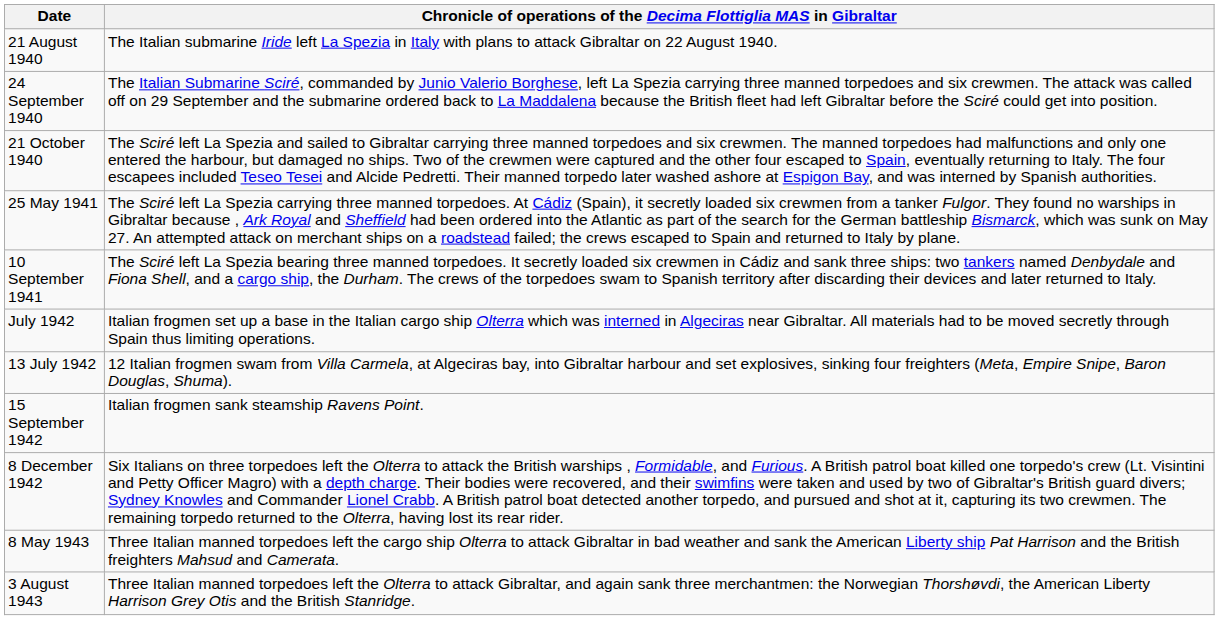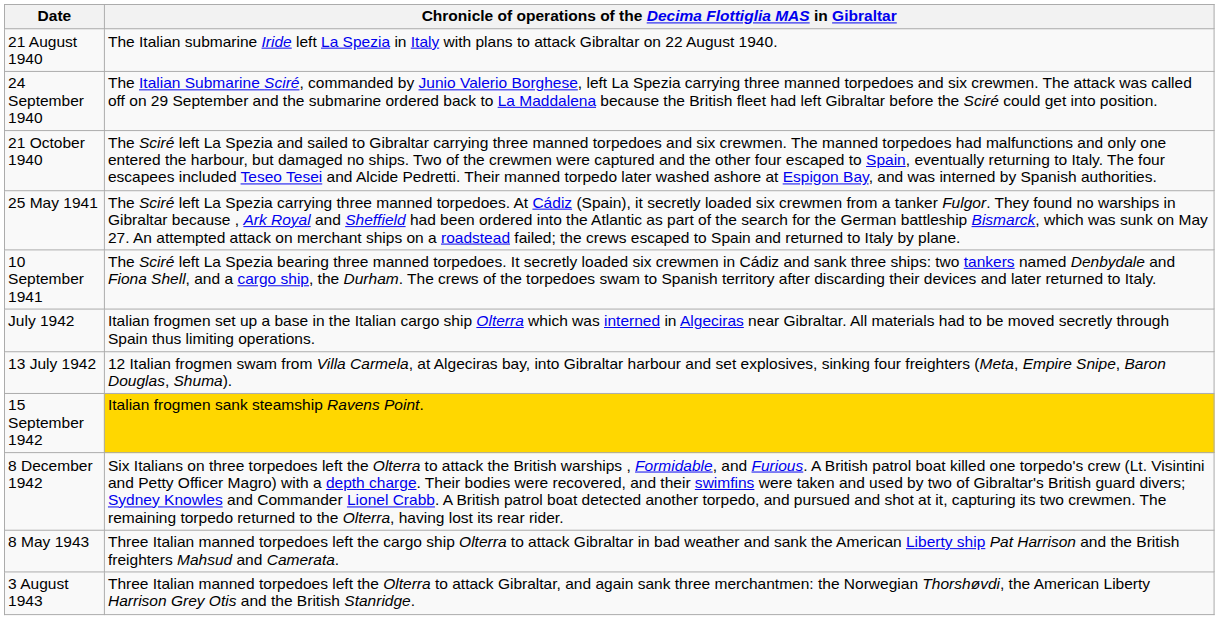 <table class="wikitable">
 <tr>
 <th>Date</th>
 <th>Chronicle of operations of the <em><a href='#'>Decima Flottiglia MAS</a></em> in <a href='#'>Gibraltar</a></th>
 </tr>
 <tr>
 <td valign="top" class="nowrap">21 August 1940</td>
 <td valign="top">The Italian submarine <em><a href='#'>Iride</a></em> left <a href='#'>La Spezia</a> in <a href='#'>Italy</a> with plans to attack Gibraltar on 22 August 1940.</td>
 </tr>
 <tr>
 <td valign="top" class="nowrap">24 September 1940</td>
 <td valign="top">The <a href='#'>Italian Submarine <em>Sciré</em></a>, commanded by <a href='#'>Junio Valerio Borghese</a>, left La Spezia carrying three manned torpedoes and six crewmen. The attack was called off on 29 September and the submarine ordered back to <a href='#'>La Maddalena</a> because the British fleet had left Gibraltar before the <em>Sciré</em> could get into position.</td>
 </tr>
 <tr>
 <td valign="top" class="nowrap">21 October 1940</td>
 <td valign="top">The <em>Sciré</em> left La Spezia and sailed to Gibraltar carrying three manned torpedoes and six crewmen. The manned torpedoes had malfunctions and only one entered the harbour, but damaged no ships. Two of the crewmen were captured and the other four escaped to <a href='#'>Spain</a>, eventually returning to Italy. The four escapees included <a href='#'>Teseo Tesei</a> and Alcide Pedretti. Their manned torpedo later washed ashore at <a href='#'>Espigon Bay</a>, and was interned by Spanish authorities.</td>
 </tr>
 <tr>
 <td valign="top" class="nowrap">25 May 1941</td>
 <td valign="top">The <em>Sciré</em> left La Spezia carrying three manned torpedoes. At <a href='#'>Cádiz</a> (Spain), it secretly loaded six crewmen from a tanker <em>Fulgor</em>. They found no warships in Gibraltar because , <a href='#'><em>Ark Royal</em></a> and <a href='#'><em>Sheffield</em></a> had been ordered into the Atlantic as part of the search for the German battleship <a href='#'><em>Bismarck</em></a>, which was sunk on May 27. An attempted attack on merchant ships on a <a href='#'>roadstead</a> failed; the crews escaped to Spain and returned to Italy by plane.</td>
 </tr>
 <tr>
 <td valign="top" class="nowrap">10 September 1941</td>
 <td valign="top">The <em>Sciré</em> left La Spezia bearing three manned torpedoes. It secretly loaded six crewmen in Cádiz and sank three ships: two <a href='#'>tankers</a> named <em>Denbydale</em> and <em>Fiona Shell</em>, and a <a href='#'>cargo ship</a>, the <em>Durham</em>. The crews of the torpedoes swam to Spanish territory after discarding their devices and later returned to Italy.</td>
 </tr>
 <tr>
 <td valign="top" class="nowrap">July 1942</td>
 <td valign="top">Italian frogmen set up a base in the Italian cargo ship <em><a href='#'>Olterra</a></em> which was <a href='#'>interned</a> in <a href='#'>Algeciras</a> near Gibraltar. All materials had to be moved secretly through Spain thus limiting operations.</td>
 </tr>
 <tr>
 <td valign="top" class="nowrap">13 July 1942</td>
 <td valign="top">12 Italian frogmen swam from <em>Villa Carmela</em>, at Algeciras bay, into Gibraltar harbour and set explosives, sinking four freighters (<em>Meta</em>, <em>Empire Snipe</em>, <em>Baron Douglas</em>, <em>Shuma</em>).</td>
 </tr>
 <tr>
 <td valign="top" class="nowrap">15 September 1942</td>
-<td valign="top">Italian frogmen sank steamship <em>Ravens Point</em>.</td>
+<td valign="top" style="background: gold;">Italian frogmen sank steamship <em>Ravens Point</em>.</td>
 </tr>
 <tr>
 <td valign="top" class="nowrap">8 December 1942</td>
 <td valign="top">Six Italians on three torpedoes left the <em>Olterra</em> to attack the British warships , <a href='#'><em>Formidable</em></a>, and <a href='#'><em>Furious</em></a>. A British patrol boat killed one torpedo's crew (Lt. Visintini and Petty Officer Magro) with a <a href='#'>depth charge</a>. Their bodies were recovered, and their <a href='#'>swimfins</a> were taken and used by two of Gibraltar's British guard divers; <a href='#'>Sydney Knowles</a> and Commander <a href='#'>Lionel Crabb</a>. A British patrol boat detected another torpedo, and pursued and shot at it, capturing its two crewmen. The remaining torpedo returned to the <em>Olterra</em>, having lost its rear rider.</td>
 </tr>
 <tr>
 <td valign="top" class="nowrap">8 May 1943</td>
 <td valign="top">Three Italian manned torpedoes left the cargo ship <em>Olterra</em> to attack Gibraltar in bad weather and sank the American <a href='#'>Liberty ship</a> <em>Pat Harrison</em> and the British freighters <em>Mahsud</em> and <em>Camerata</em>.</td>
 </tr>
 <tr>
 <td valign="top" class="nowrap">3 August 1943</td>
 <td valign="top">Three Italian manned torpedoes left the <em>Olterra</em> to attack Gibraltar, and again sank three merchantmen: the Norwegian <em>Thorshøvdi</em>, the American Liberty <em>Harrison Grey Otis</em> and the British <em>Stanridge</em>.</td>
 </tr>
 </table>
